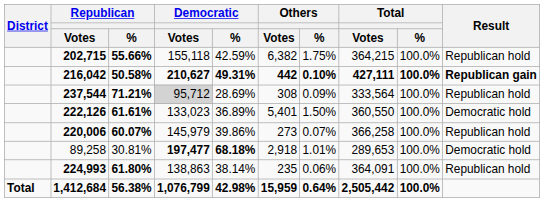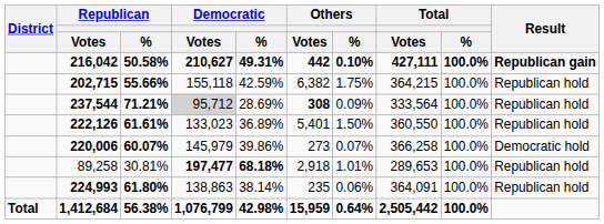 <table class="wikitable plainrowheaders sortable" style="font-size:100%; text-align:right;">
 <tr>
 <th scope=col rowspan=3><a href='#'>District</a></th>
 <th scope=col colspan=2><a href='#'>Republican</a></th>
 <th scope=col colspan=2><a href='#'>Democratic</a></th>
 <th scope=col colspan=2>Others</th>
 <th scope=col colspan=2>Total</th>
 <th scope=col rowspan=3>Result</th>
 </tr>
 <tr>
 <th scope=col colspan=2 style="background:"></th>
 <th scope=col colspan=2 style="background:"></th>
 <th scope=col colspan=2></th>
 <th scope=col colspan=2></th>
 </tr>
 <tr>
 <th scope=col data-sort-type="number">Votes</th>
 <th scope=col data-sort-type="number">%</th>
 <th scope=col data-sort-type="number">Votes</th>
 <th scope=col data-sort-type="number">%</th>
 <th scope=col data-sort-type="number">Votes</th>
 <th scope=col data-sort-type="number">%</th>
 <th scope=col data-sort-type="number">Votes</th>
 <th scope=col data-sort-type="number">%</th>
 </tr>
 <tr>
-<td align=left></td>
-<td><strong>202,715</strong></td>
-<td><strong>55.66%</strong></td>
-<td>155,118</td>
-<td>42.59%</td>
-<td>6,382</td>
-<td>1.75%</td>
-<td>364,215</td>
-<td>100.0%</td>
-<td align=left>Republican hold</td>
-</tr>
-<tr>
 <td align=left><strong></strong></td>
 <td><strong>216,042</strong></td>
 <td><strong>50.58%</strong></td>
 <td><strong>210,627</strong></td>
 <td><strong>49.31%</strong></td>
 <td><strong>442</strong></td>
 <td><strong>0.10%</strong></td>
 <td><strong>427,111</strong></td>
 <td><strong>100.0%</strong></td>
 <td align=left><strong>Republican gain</strong></td>
 </tr>
 <tr>
 <td align=left></td>
+<td><strong>202,715</strong></td>
+<td><strong>55.66%</strong></td>
+<td>155,118</td>
+<td>42.59%</td>
+<td>6,382</td>
+<td>1.75%</td>
+<td>364,215</td>
+<td>100.0%</td>
+<td align=left>Republican hold</td>
+</tr>
+<tr>
+<td align=left></td>
 <td><strong>237,544</strong></td>
 <td><strong>71.21%</strong></td>
 <td style="background: lightgrey;">95,712</td>
 <td>28.69%</td>
-<td>308</td>
+<td><strong>308</strong></td>
 <td>0.09%</td>
 <td>333,564</td>
 <td>100.0%</td>
 <td align=left>Republican hold</td>
 </tr>
 <tr>
 <td align=left></td>
 <td><strong>222,126</strong></td>
 <td><strong>61.61%</strong></td>
 <td>133,023</td>
 <td>36.89%</td>
 <td>5,401</td>
 <td>1.50%</td>
 <td>360,550</td>
 <td>100.0%</td>
-<td align=left>Democratic hold</td>
+<td align=left>Republican hold</td>
 </tr>
 <tr>
 <td align=left></td>
 <td><strong>220,006</strong></td>
 <td><strong>60.07%</strong></td>
 <td>145,979</td>
 <td>39.86%</td>
 <td>273</td>
 <td>0.07%</td>
 <td>366,258</td>
 <td>100.0%</td>
-<td align=left>Republican hold</td>
+<td align=left>Democratic hold</td>
 </tr>
 <tr>
 <td align=left></td>
 <td>89,258</td>
 <td>30.81%</td>
 <td><strong>197,477</strong></td>
 <td><strong>68.18%</strong></td>
 <td>2,918</td>
 <td>1.01%</td>
 <td>289,653</td>
 <td>100.0%</td>
-<td align=left>Democratic hold</td>
+<td align=left>Republican hold</td>
 </tr>
 <tr>
 <td align=left></td>
 <td><strong>224,993</strong></td>
 <td><strong>61.80%</strong></td>
 <td>138,863</td>
 <td>38.14%</td>
 <td>235</td>
 <td>0.06%</td>
 <td>364,091</td>
 <td>100.0%</td>
 <td align=left>Republican hold</td>
 </tr>
 <tr class="sortbottom" style="font-weight:bold">
 <td align=left>Total</td>
 <td>1,412,684</td>
 <td>56.38%</td>
 <td>1,076,799</td>
 <td>42.98%</td>
 <td>15,959</td>
 <td>0.64%</td>
 <td>2,505,442</td>
 <td>100.0%</td>
 <td></td>
 </tr>
 </table>
